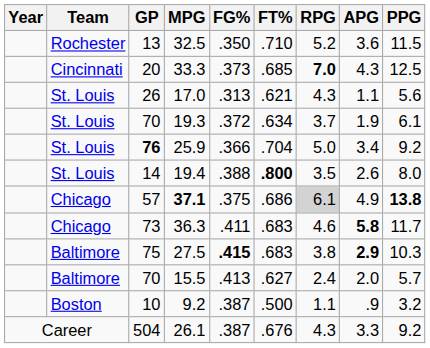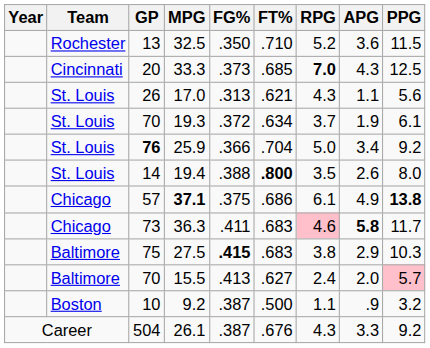 <table class="wikitable sortable" style="font-size:95%; text-align:right;">
 <tr>
 <th>Year</th>
 <th>Team</th>
 <th>GP</th>
 <th>MPG</th>
 <th>FG%</th>
 <th>FT%</th>
 <th>RPG</th>
 <th>APG</th>
 <th>PPG</th>
 </tr>
 <tr>
 <td style="text-align:left;"></td>
 <td style="text-align:left;"><a href='#'>Rochester</a></td>
 <td>13</td>
 <td>32.5</td>
 <td>.350</td>
 <td>.710</td>
 <td>5.2</td>
 <td>3.6</td>
 <td>11.5</td>
 </tr>
 <tr>
 <td style="text-align:left;"></td>
 <td style="text-align:left;"><a href='#'>Cincinnati</a></td>
 <td>20</td>
 <td>33.3</td>
 <td>.373</td>
 <td>.685</td>
 <td><strong>7.0</strong></td>
 <td>4.3</td>
 <td>12.5</td>
 </tr>
 <tr>
 <td style="text-align:left;"></td>
 <td style="text-align:left;"><a href='#'>St. Louis</a></td>
 <td>26</td>
 <td>17.0</td>
 <td>.313</td>
 <td>.621</td>
 <td>4.3</td>
 <td>1.1</td>
 <td>5.6</td>
 </tr>
 <tr>
 <td style="text-align:left;"></td>
 <td style="text-align:left;"><a href='#'>St. Louis</a></td>
 <td>70</td>
 <td>19.3</td>
 <td>.372</td>
 <td>.634</td>
 <td>3.7</td>
 <td>1.9</td>
 <td>6.1</td>
 </tr>
 <tr>
 <td style="text-align:left;"></td>
 <td style="text-align:left;"><a href='#'>St. Louis</a></td>
 <td><strong>76</strong></td>
 <td>25.9</td>
 <td>.366</td>
 <td>.704</td>
 <td>5.0</td>
 <td>3.4</td>
 <td>9.2</td>
 </tr>
 <tr>
 <td style="text-align:left;"></td>
 <td style="text-align:left;"><a href='#'>St. Louis</a></td>
 <td>14</td>
 <td>19.4</td>
 <td>.388</td>
 <td><strong>.800</strong></td>
 <td>3.5</td>
 <td>2.6</td>
 <td>8.0</td>
 </tr>
 <tr>
 <td style="text-align:left;"></td>
 <td style="text-align:left;"><a href='#'>Chicago</a></td>
 <td>57</td>
 <td><strong>37.1</strong></td>
 <td>.375</td>
 <td>.686</td>
-<td style="background: lightgrey;">6.1</td>
+<td>6.1</td>
 <td>4.9</td>
 <td><strong>13.8</strong></td>
 </tr>
 <tr>
 <td style="text-align:left;"></td>
 <td style="text-align:left;"><a href='#'>Chicago</a></td>
 <td>73</td>
 <td>36.3</td>
 <td>.411</td>
 <td>.683</td>
-<td>4.6</td>
+<td style="background: pink;">4.6</td>
 <td><strong>5.8</strong></td>
 <td>11.7</td>
 </tr>
 <tr>
 <td style="text-align:left;"></td>
 <td style="text-align:left;"><a href='#'>Baltimore</a></td>
 <td>75</td>
 <td>27.5</td>
 <td><strong>.415</strong></td>
 <td>.683</td>
 <td>3.8</td>
-<td><strong>2.9</strong></td>
+<td>2.9</td>
 <td>10.3</td>
 </tr>
 <tr>
 <td style="text-align:left;"></td>
 <td style="text-align:left;"><a href='#'>Baltimore</a></td>
 <td>70</td>
 <td>15.5</td>
 <td>.413</td>
 <td>.627</td>
 <td>2.4</td>
 <td>2.0</td>
-<td>5.7</td>
+<td style="background: pink;">5.7</td>
 </tr>
 <tr>
 <td style="text-align:left;"></td>
 <td style="text-align:left;"><a href='#'>Boston</a></td>
 <td>10</td>
 <td>9.2</td>
 <td>.387</td>
 <td>.500</td>
 <td>1.1</td>
 <td>.9</td>
 <td>3.2</td>
 </tr>
 <tr class="sortbottom">
 <td style="text-align:center;" colspan="2">Career</td>
 <td>504</td>
 <td>26.1</td>
 <td>.387</td>
 <td>.676</td>
 <td>4.3</td>
 <td>3.3</td>
 <td>9.2</td>
 </tr>
 </table>
